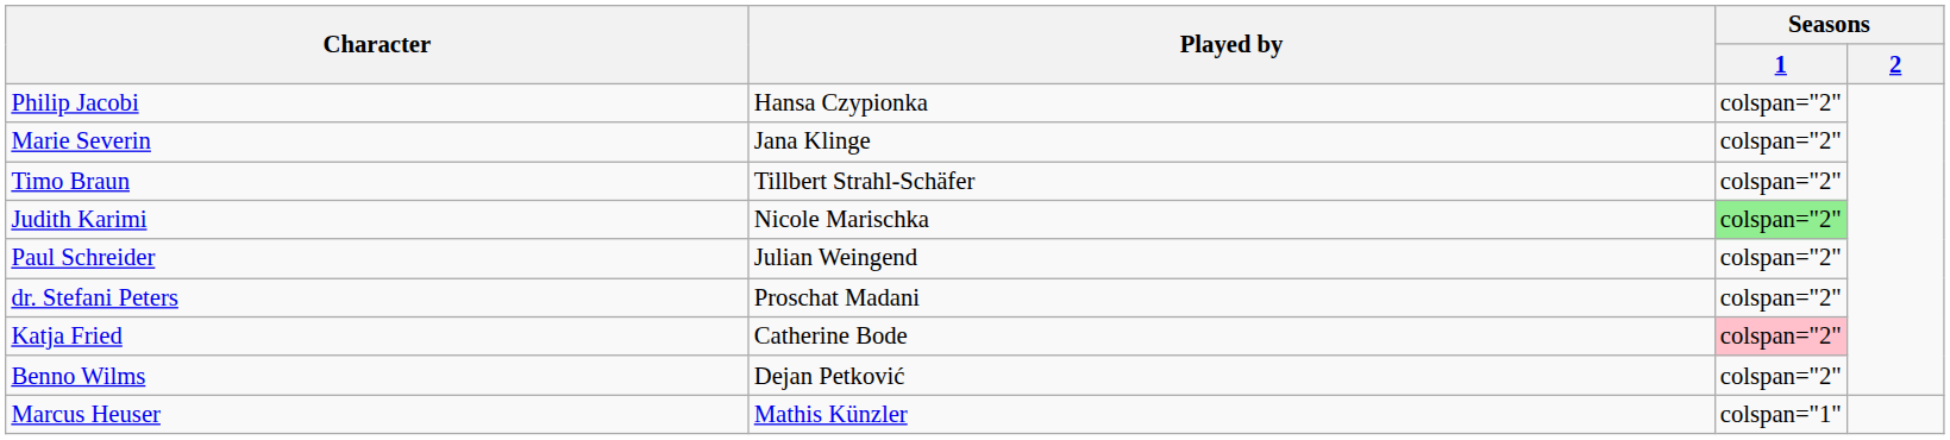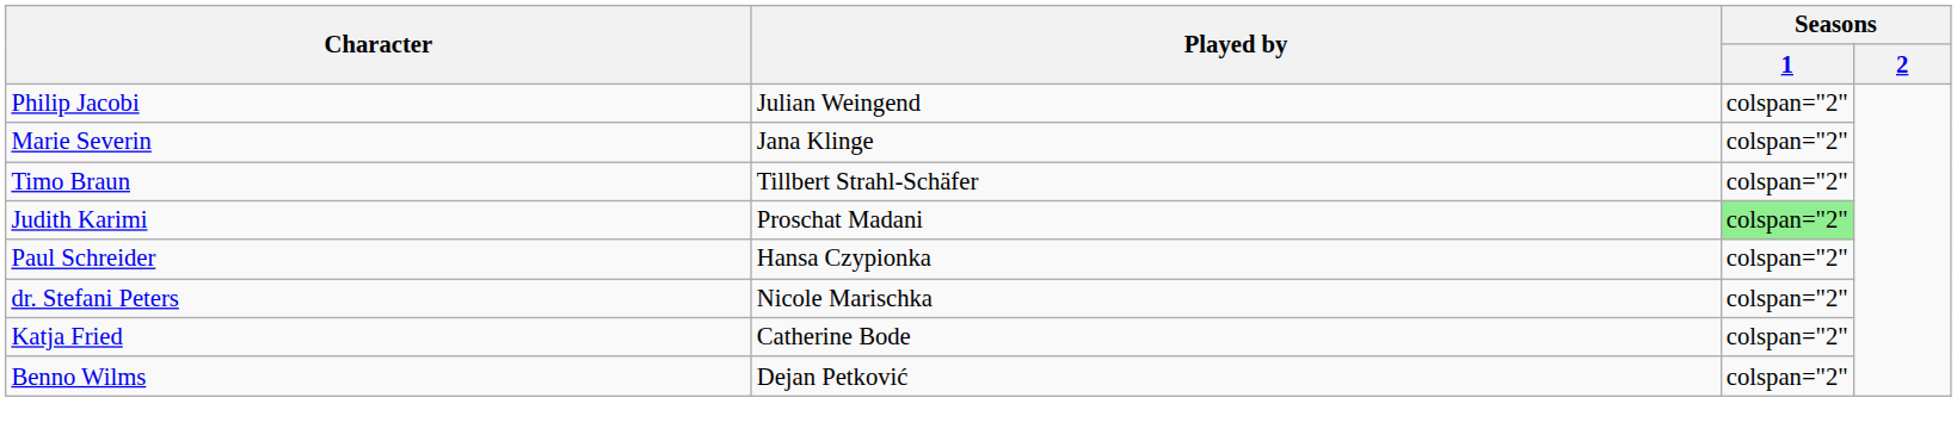 <table class="wikitable" width="100%">
 <tr>
 <th rowspan="2">Character</th>
 <th ! rowspan="2">Played by</th>
 <th ! colspan="2">Seasons</th>
 </tr>
 <tr>
 <th width="5%"><a href='#'>1</a></th>
 <th width="5%"><a href='#'>2</a></th>
 </tr>
 <tr>
 <td><a href='#'>Philip Jacobi</a></td>
-<td>Hansa Czypionka</td>
+<td>Julian Weingend</td>
 <td>colspan="2" </td>
 </tr>
 <tr>
 <td><a href='#'>Marie Severin</a></td>
 <td>Jana Klinge</td>
 <td>colspan="2" </td>
 </tr>
 <tr>
 <td><a href='#'>Timo Braun</a></td>
 <td>Tillbert Strahl-Schäfer</td>
 <td>colspan="2" </td>
 </tr>
 <tr>
 <td><a href='#'>Judith Karimi</a></td>
-<td>Nicole Marischka</td>
+<td>Proschat Madani</td>
 <td style="background: lightgreen;">colspan="2" </td>
 </tr>
 <tr>
 <td><a href='#'>Paul Schreider</a></td>
-<td>Julian Weingend</td>
+<td>Hansa Czypionka</td>
 <td>colspan="2" </td>
 </tr>
 <tr>
 <td><a href='#'>dr. Stefani Peters</a></td>
-<td>Proschat Madani</td>
+<td>Nicole Marischka</td>
 <td>colspan="2" </td>
 </tr>
 <tr>
 <td><a href='#'>Katja Fried</a></td>
 <td>Catherine Bode</td>
-<td style="background: pink;">colspan="2" </td>
+<td>colspan="2" </td>
 </tr>
 <tr>
 <td><a href='#'>Benno Wilms</a></td>
 <td>Dejan Petković</td>
 <td>colspan="2" </td>
 </tr>
-<tr>
-<td><a href='#'>Marcus Heuser</a></td>
-<td><a href='#'>Mathis Künzler</a></td>
-<td>colspan="1" </td>
-<td colspan="1"></td>
-</tr>
 </table>
